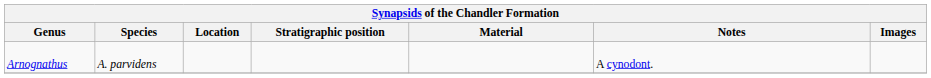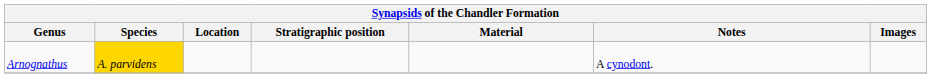 <table class="wikitable" align="center" width="100%">
 <tr>
 <th colspan="7" align="center"><a href='#'>Synapsids</a> of the Chandler Formation</th>
 </tr>
 <tr>
 <th>Genus</th>
 <th>Species</th>
 <th>Location</th>
 <th>Stratigraphic position</th>
 <th width="20%">Material</th>
 <th width="30%">Notes</th>
 <th>Images</th>
 </tr>
 <tr>
 <td><br><em><a href='#'>Arnognathus</a></em></td>
-<td><br><em>A. parvidens</em></td>
+<td style="background: gold;"><br><em>A. parvidens</em></td>
 <td></td>
 <td></td>
 <td></td>
 <td><br>A <a href='#'>cynodont</a>.</td>
 <td></td>
 </tr>
 <tr>
 </tr>
 </table>
